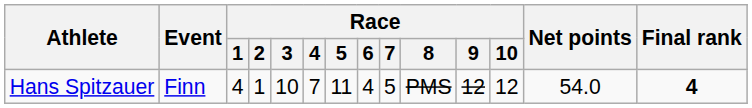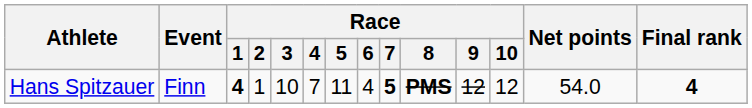 <table class="wikitable" style="font-size:90%">
 <tr>
 <th rowspan="2">Athlete</th>
 <th rowspan="2">Event</th>
 <th colspan=10>Race</th>
 <th rowspan=2>Net points</th>
 <th rowspan=2>Final rank</th>
 </tr>
 <tr style="font-size:95%">
 <th>1</th>
 <th>2</th>
 <th>3</th>
 <th>4</th>
 <th>5</th>
 <th>6</th>
 <th>7</th>
 <th>8</th>
 <th>9</th>
 <th>10</th>
 </tr>
 <tr align=center>
 <td align=left><a href='#'>Hans Spitzauer</a></td>
 <td align=left><a href='#'>Finn</a></td>
-<td>4</td>
+<td><strong>4</strong></td>
 <td>1</td>
 <td>10</td>
 <td>7</td>
 <td>11</td>
 <td>4</td>
-<td>5</td>
-<td><s>PMS</s></td>
+<td><strong>5</strong></td>
+<td><strong><s>PMS</s></strong></td>
 <td><s>12</s></td>
 <td>12</td>
 <td>54.0</td>
 <td><strong>4</strong></td>
 </tr>
 </table>
